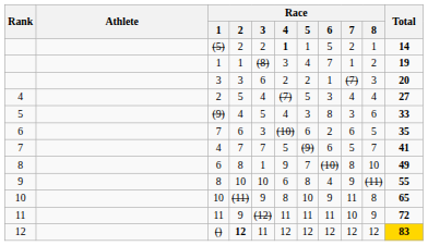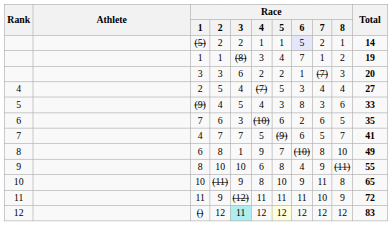 <table class="wikitable" style="text-align:center">
 <tr>
 <th rowspan="2" width=40>Rank</th>
 <th rowspan="2" width=250>Athlete</th>
 <th colspan="8">Race</th>
 <th rowspan="2" width=50>Total</th>
 </tr>
 <tr>
 <th width=25>1</th>
 <th width=25>2</th>
 <th width=25>3</th>
 <th width=25>4</th>
 <th width=25>5</th>
 <th width=25>6</th>
 <th width=25>7</th>
 <th width=25>8</th>
 </tr>
 <tr>
 <td></td>
 <td align=left></td>
 <td><s>(5)</s></td>
 <td>2</td>
 <td>2</td>
-<td><strong>1</strong></td>
 <td>1</td>
-<td>5</td>
+<td>1</td>
+<td style="background: lavender;">5</td>
 <td>2</td>
 <td>1</td>
 <td><strong>14</strong></td>
 </tr>
 <tr>
 <td></td>
 <td align=left></td>
 <td>1</td>
 <td>1</td>
 <td><s>(8)</s></td>
 <td>3</td>
 <td>4</td>
 <td>7</td>
 <td>1</td>
 <td>2</td>
 <td><strong>19</strong></td>
 </tr>
 <tr>
 <td></td>
 <td align=left></td>
 <td>3</td>
 <td>3</td>
 <td>6</td>
 <td>2</td>
 <td>2</td>
 <td>1</td>
 <td><s>(7)</s></td>
 <td>3</td>
 <td><strong>20</strong></td>
 </tr>
 <tr>
 <td>4</td>
 <td align=left></td>
 <td>2</td>
 <td>5</td>
 <td>4</td>
 <td><s>(7)</s></td>
 <td>5</td>
 <td>3</td>
 <td>4</td>
 <td>4</td>
 <td><strong>27</strong></td>
 </tr>
 <tr>
 <td>5</td>
 <td align=left></td>
 <td><s>(9)</s></td>
 <td>4</td>
 <td>5</td>
 <td>4</td>
 <td>3</td>
 <td>8</td>
 <td>3</td>
 <td>6</td>
 <td><strong>33</strong></td>
 </tr>
 <tr>
 <td>6</td>
 <td align=left></td>
 <td>7</td>
 <td>6</td>
 <td>3</td>
 <td><s>(10)</s></td>
 <td>6</td>
 <td>2</td>
 <td>6</td>
 <td>5</td>
 <td><strong>35</strong></td>
 </tr>
 <tr>
 <td>7</td>
 <td align=left></td>
 <td>4</td>
 <td>7</td>
 <td>7</td>
 <td>5</td>
 <td><s>(9)</s></td>
 <td>6</td>
 <td>5</td>
 <td>7</td>
 <td><strong>41</strong></td>
 </tr>
 <tr>
 <td>8</td>
 <td align=left></td>
 <td>6</td>
 <td>8</td>
 <td>1</td>
 <td>9</td>
 <td>7</td>
 <td><s>(10)</s></td>
 <td>8</td>
 <td>10</td>
 <td><strong>49</strong></td>
 </tr>
 <tr>
 <td>9</td>
 <td align=left></td>
 <td>8</td>
 <td>10</td>
 <td>10</td>
 <td>6</td>
 <td>8</td>
 <td>4</td>
 <td>9</td>
 <td><s>(11)</s></td>
 <td><strong>55</strong></td>
 </tr>
 <tr>
 <td>10</td>
 <td align=left></td>
 <td>10</td>
 <td><s>(11)</s></td>
 <td>9</td>
 <td>8</td>
 <td>10</td>
 <td>9</td>
 <td>11</td>
 <td>8</td>
 <td><strong>65</strong></td>
 </tr>
 <tr>
 <td>11</td>
 <td align=left></td>
 <td>11</td>
 <td>9</td>
 <td><s>(12)</s></td>
 <td>11</td>
 <td>11</td>
 <td>11</td>
 <td>10</td>
 <td>9</td>
 <td><strong>72</strong></td>
 </tr>
 <tr>
 <td>12</td>
 <td align=left></td>
 <td><s>()</s></td>
-<td><strong>12</strong></td>
-<td>11</td>
+<td>12</td>
+<td style="background: paleturquoise;">11</td>
+<td>12</td>
+<td style="background: lightyellow;">12</td>
 <td>12</td>
 <td>12</td>
 <td>12</td>
-<td>12</td>
-<td>12</td>
-<td style="background: gold;"><strong>83</strong></td>
+<td><strong>83</strong></td>
 </tr>
 </table>
